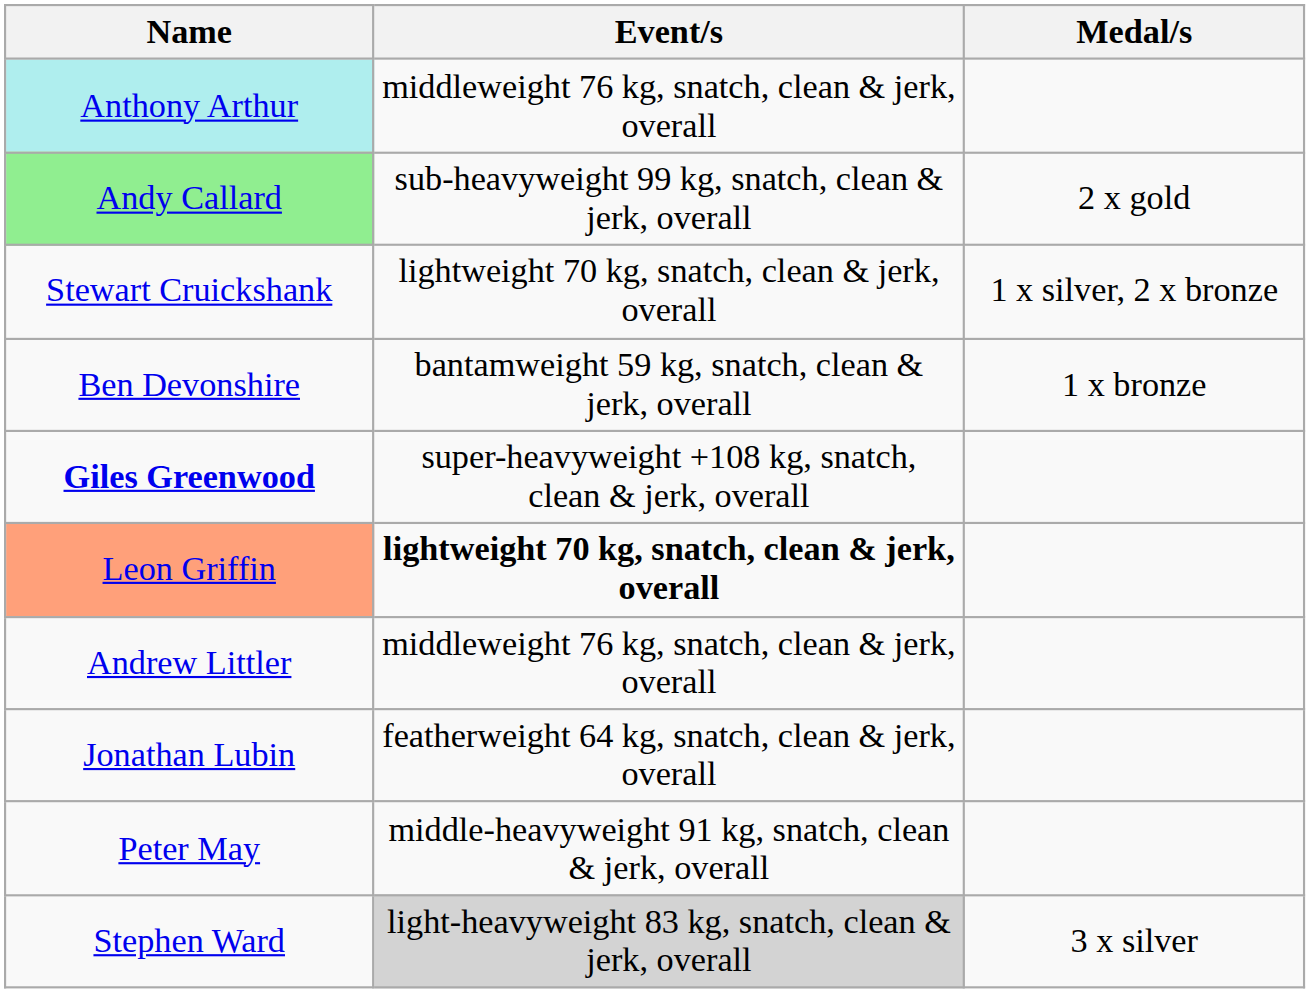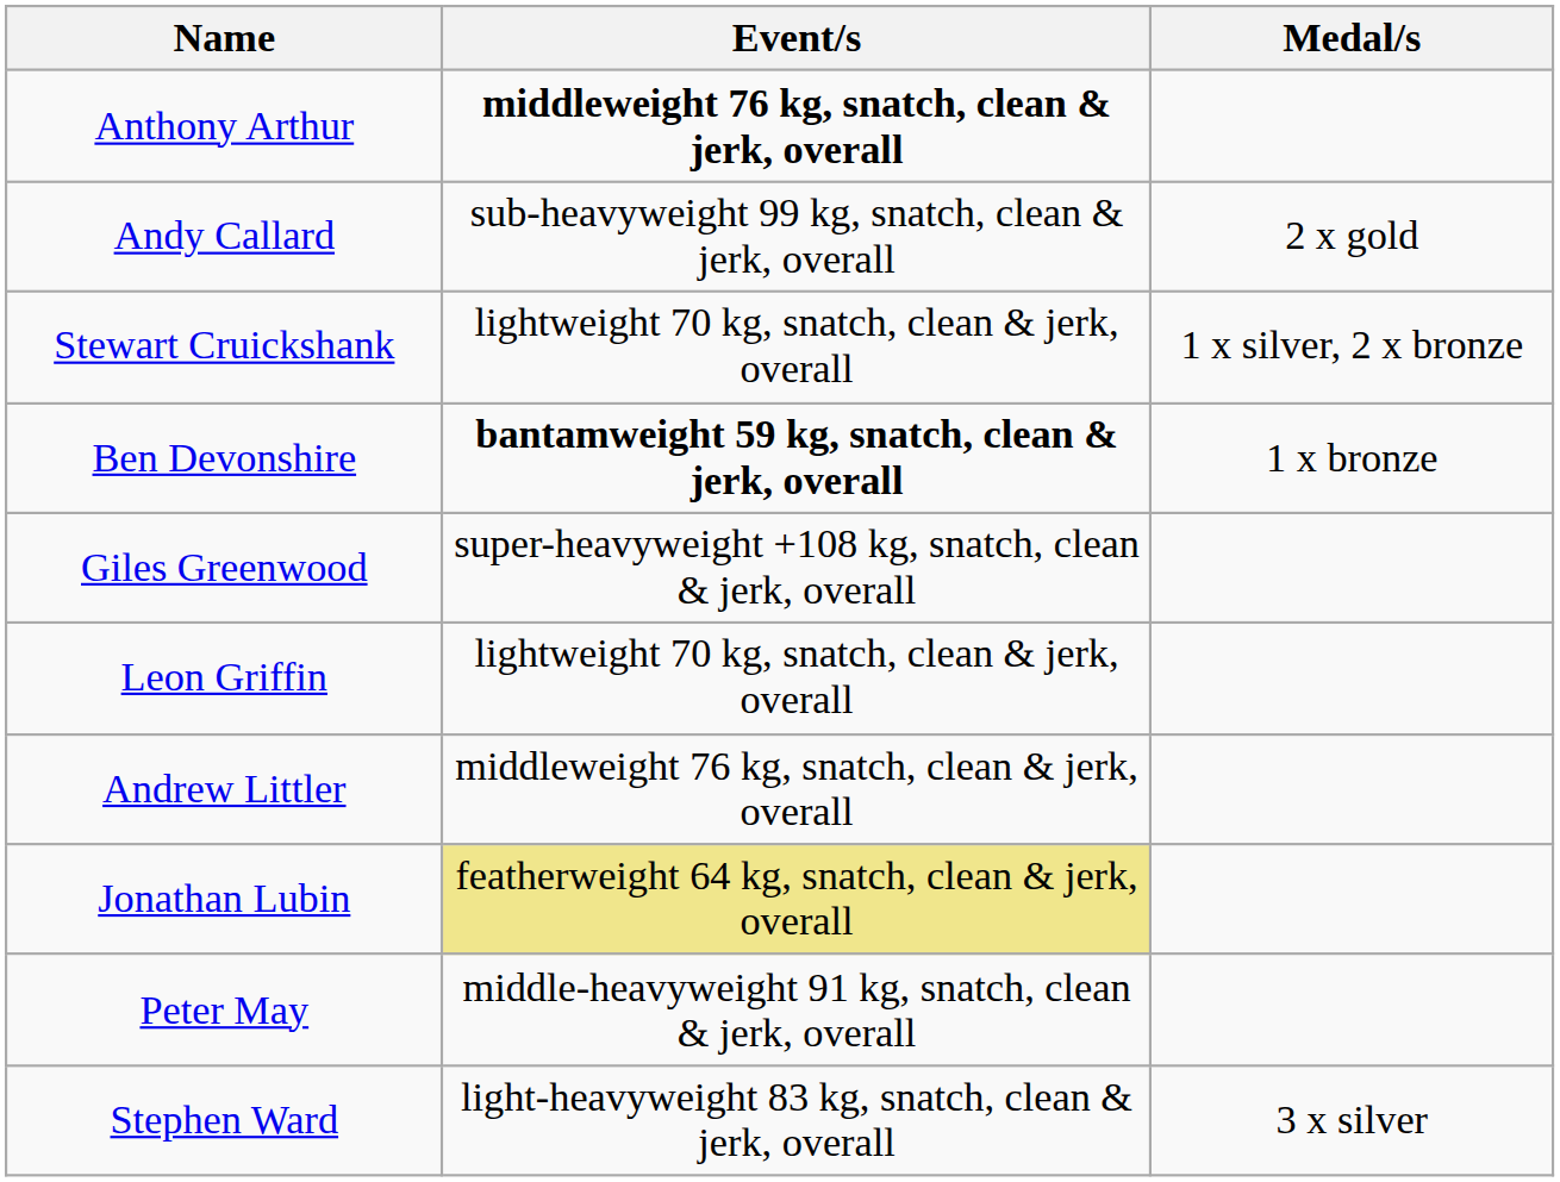 <table class="wikitable" style="text-align: center">
 <tr>
 <th width=250>Name</th>
 <th width=450>Event/s</th>
 <th width=250>Medal/s</th>
 </tr>
 <tr>
-<td style="background: paleturquoise;"><a href='#'>Anthony Arthur</a></td>
-<td>middleweight 76 kg, snatch, clean & jerk, overall</td>
+<td><a href='#'>Anthony Arthur</a></td>
+<td><strong>middleweight 76 kg, snatch, clean & jerk, overall</strong></td>
 <td></td>
 </tr>
 <tr>
-<td style="background: lightgreen;"><a href='#'>Andy Callard</a></td>
+<td><a href='#'>Andy Callard</a></td>
 <td>sub-heavyweight 99 kg, snatch, clean & jerk, overall</td>
 <td>2 x gold</td>
 </tr>
 <tr>
 <td><a href='#'>Stewart Cruickshank</a></td>
 <td>lightweight 70 kg, snatch, clean & jerk, overall</td>
 <td>1 x silver, 2 x bronze</td>
 </tr>
 <tr>
 <td><a href='#'>Ben Devonshire</a></td>
-<td>bantamweight 59 kg, snatch, clean & jerk, overall</td>
+<td><strong>bantamweight 59 kg, snatch, clean & jerk, overall</strong></td>
 <td>1 x bronze</td>
 </tr>
 <tr>
-<td><strong><a href='#'>Giles Greenwood</a></strong></td>
+<td><a href='#'>Giles Greenwood</a></td>
 <td>super-heavyweight +108 kg, snatch, clean & jerk, overall</td>
 <td></td>
 </tr>
 <tr>
-<td style="background: lightsalmon;"><a href='#'>Leon Griffin</a></td>
-<td><strong>lightweight 70 kg, snatch, clean & jerk, overall</strong></td>
+<td><a href='#'>Leon Griffin</a></td>
+<td>lightweight 70 kg, snatch, clean & jerk, overall</td>
 <td></td>
 </tr>
 <tr>
 <td><a href='#'>Andrew Littler</a></td>
 <td>middleweight 76 kg, snatch, clean & jerk, overall</td>
 <td></td>
 </tr>
 <tr>
 <td><a href='#'>Jonathan Lubin</a></td>
-<td>featherweight 64 kg, snatch, clean & jerk, overall</td>
+<td style="background: khaki;">featherweight 64 kg, snatch, clean & jerk, overall</td>
 <td></td>
 </tr>
 <tr>
 <td><a href='#'>Peter May</a></td>
 <td>middle-heavyweight 91 kg, snatch, clean & jerk, overall</td>
 <td></td>
 </tr>
 <tr>
 <td><a href='#'>Stephen Ward</a></td>
-<td style="background: lightgrey;">light-heavyweight 83 kg, snatch, clean & jerk, overall</td>
+<td>light-heavyweight 83 kg, snatch, clean & jerk, overall</td>
 <td>3 x silver</td>
 </tr>
 </table>
